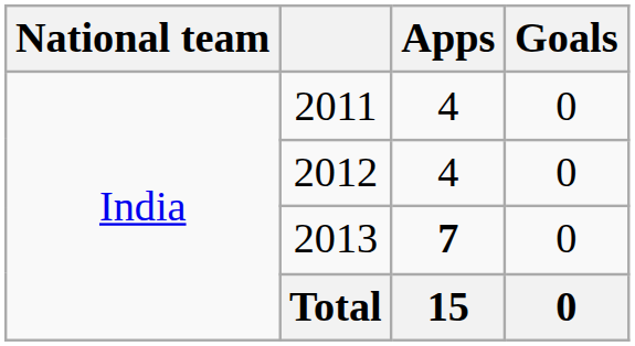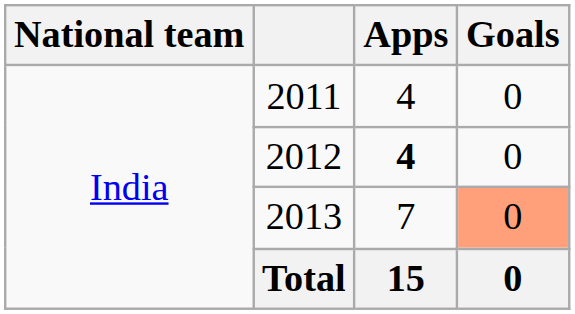 <table class="wikitable" style="text-align:center;">
 <tr>
 <th>National team</th>
 <th></th>
 <th>Apps</th>
 <th>Goals</th>
 </tr>
 <tr>
 <td rowspan="4"><a href='#'>India</a></td>
 <td>2011</td>
 <td>4</td>
 <td>0</td>
 </tr>
 <tr>
 <td>2012</td>
-<td>4</td>
+<td><strong>4</strong></td>
 <td>0</td>
 </tr>
 <tr>
 <td>2013</td>
-<td><strong>7</strong></td>
-<td>0</td>
+<td>7</td>
+<td style="background: lightsalmon;">0</td>
 </tr>
 <tr>
 <th>Total</th>
 <th>15</th>
 <th>0</th>
 </tr>
 </table>
